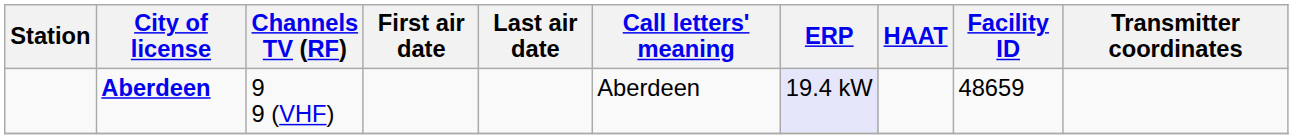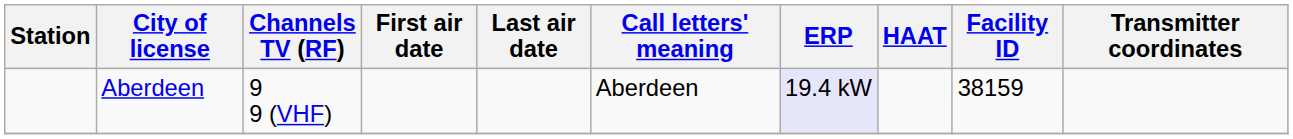 <table class="wikitable">
 <tr>
 <th>Station</th>
 <th><a href='#'>City of license</a><br></th>
 <th><a href='#'>Channels</a><br><a href='#'>TV</a> (<a href='#'>RF</a>)</th>
 <th>First air date</th>
 <th>Last air date</th>
 <th><a href='#'>Call letters' meaning</a></th>
 <th><a href='#'>ERP</a></th>
 <th><a href='#'>HAAT</a></th>
 <th><a href='#'>Facility ID</a></th>
 <th>Transmitter coordinates</th>
 </tr>
 <tr style="vertical-align: top; text-align: left;">
 <td></td>
-<td><strong><a href='#'>Aberdeen</a><br></strong></td>
+<td><a href='#'>Aberdeen</a><br></td>
 <td>9<br>9 (<a href='#'>VHF</a>)</td>
 <td></td>
 <td><br></td>
 <td>Aberdeen</td>
 <td style="background: lavender;">19.4 kW</td>
 <td></td>
-<td>48659</td>
+<td>38159</td>
 <td></td>
 </tr>
 <tr style="vertical-align: top; text-align: left;">
 </tr>
 </table>
